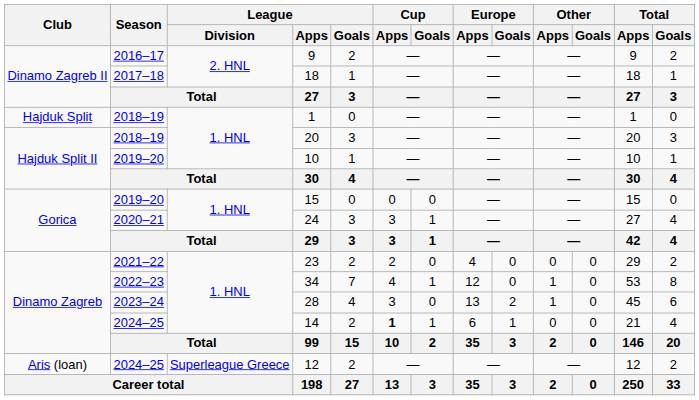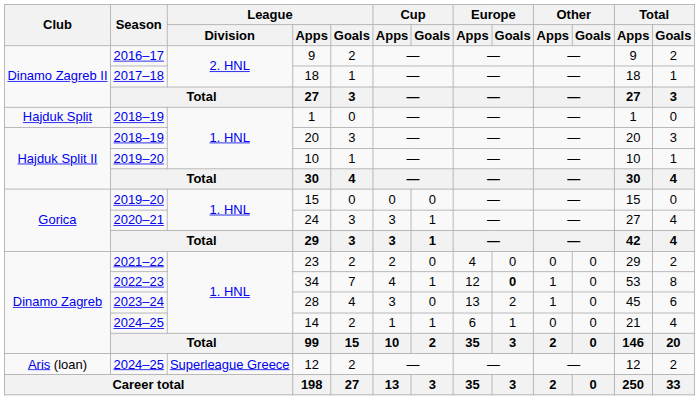 <table class="wikitable" style="text-align:center">
 <tr>
 <th rowspan="2">Club</th>
 <th rowspan="2">Season</th>
 <th colspan="3">League</th>
 <th colspan="2">Cup</th>
 <th colspan="2">Europe</th>
 <th colspan="2">Other</th>
 <th colspan="2">Total</th>
 </tr>
 <tr>
 <th>Division</th>
 <th>Apps</th>
 <th>Goals</th>
 <th>Apps</th>
 <th>Goals</th>
 <th>Apps</th>
 <th>Goals</th>
 <th>Apps</th>
 <th>Goals</th>
 <th>Apps</th>
 <th>Goals</th>
 </tr>
 <tr>
 <td rowspan="3"><a href='#'>Dinamo Zagreb II</a></td>
 <td><a href='#'>2016–17</a></td>
 <td rowspan="2"><a href='#'>2. HNL</a></td>
 <td>9</td>
 <td>2</td>
 <td colspan="2">—</td>
 <td colspan="2">—</td>
 <td colspan="2">—</td>
 <td>9</td>
 <td>2</td>
 </tr>
 <tr>
 <td><a href='#'>2017–18</a></td>
 <td>18</td>
 <td>1</td>
 <td colspan="2">—</td>
 <td colspan="2">—</td>
 <td colspan="2">—</td>
 <td>18</td>
 <td>1</td>
 </tr>
 <tr>
 <th colspan="2">Total</th>
 <th>27</th>
 <th>3</th>
 <th colspan="2">—</th>
 <th colspan="2">—</th>
 <th colspan="2">—</th>
 <th>27</th>
 <th>3</th>
 </tr>
 <tr>
 <td><a href='#'>Hajduk Split</a></td>
 <td><a href='#'>2018–19</a></td>
 <td rowspan="3"><a href='#'>1. HNL</a></td>
 <td>1</td>
 <td>0</td>
 <td colspan="2">—</td>
 <td colspan="2">—</td>
 <td colspan="2">—</td>
 <td>1</td>
 <td>0</td>
 </tr>
 <tr>
 <td rowspan="3"><a href='#'>Hajduk Split II</a></td>
 <td><a href='#'>2018–19</a></td>
 <td>20</td>
 <td>3</td>
 <td colspan="2">—</td>
 <td colspan="2">—</td>
 <td colspan="2">—</td>
 <td>20</td>
 <td>3</td>
 </tr>
 <tr>
 <td><a href='#'>2019–20</a></td>
 <td>10</td>
 <td>1</td>
 <td colspan="2">—</td>
 <td colspan="2">—</td>
 <td colspan="2">—</td>
 <td>10</td>
 <td>1</td>
 </tr>
 <tr>
 <th colspan="2">Total</th>
 <th>30</th>
 <th>4</th>
 <th colspan="2">—</th>
 <th colspan="2">—</th>
 <th colspan="2">—</th>
 <th>30</th>
 <th>4</th>
 </tr>
 <tr>
 <td rowspan="3"><a href='#'>Gorica</a></td>
 <td><a href='#'>2019–20</a></td>
 <td rowspan="2"><a href='#'>1. HNL</a></td>
 <td>15</td>
 <td>0</td>
 <td>0</td>
 <td>0</td>
 <td colspan="2">—</td>
 <td colspan="2">—</td>
 <td>15</td>
 <td>0</td>
 </tr>
 <tr>
 <td><a href='#'>2020–21</a></td>
 <td>24</td>
 <td>3</td>
 <td>3</td>
 <td>1</td>
 <td colspan="2">—</td>
 <td colspan="2">—</td>
 <td>27</td>
 <td>4</td>
 </tr>
 <tr>
 <th colspan="2">Total</th>
 <th>29</th>
 <th>3</th>
 <th>3</th>
 <th>1</th>
 <th colspan="2">—</th>
 <th colspan="2">—</th>
 <th>42</th>
 <th>4</th>
 </tr>
 <tr>
 <td rowspan="5"><a href='#'>Dinamo Zagreb</a></td>
 <td><a href='#'>2021–22</a></td>
 <td rowspan="4"><a href='#'>1. HNL</a></td>
 <td>23</td>
 <td>2</td>
 <td>2</td>
 <td>0</td>
 <td>4</td>
 <td>0</td>
 <td>0</td>
 <td>0</td>
 <td>29</td>
 <td>2</td>
 </tr>
 <tr>
 <td><a href='#'>2022–23</a></td>
 <td>34</td>
 <td>7</td>
 <td>4</td>
 <td>1</td>
 <td>12</td>
-<td>0</td>
+<td><strong>0</strong></td>
 <td>1</td>
 <td>0</td>
 <td>53</td>
 <td>8</td>
 </tr>
 <tr>
 <td><a href='#'>2023–24</a></td>
 <td>28</td>
 <td>4</td>
 <td>3</td>
 <td>0</td>
 <td>13</td>
 <td>2</td>
 <td>1</td>
 <td>0</td>
 <td>45</td>
 <td>6</td>
 </tr>
 <tr>
 <td><a href='#'>2024–25</a></td>
 <td>14</td>
 <td>2</td>
-<td><strong>1</strong></td>
+<td>1</td>
 <td>1</td>
 <td>6</td>
 <td>1</td>
 <td>0</td>
 <td>0</td>
 <td>21</td>
 <td>4</td>
 </tr>
 <tr>
 <th colspan="2">Total</th>
 <th>99</th>
 <th>15</th>
 <th>10</th>
 <th>2</th>
 <th>35</th>
 <th>3</th>
 <th>2</th>
 <th>0</th>
 <th>146</th>
 <th>20</th>
 </tr>
 <tr>
 <td><a href='#'>Aris</a> (loan)</td>
 <td><a href='#'>2024–25</a></td>
 <td><a href='#'>Superleague Greece</a></td>
 <td>12</td>
 <td>2</td>
 <td colspan="2">—</td>
 <td colspan="2">—</td>
 <td colspan="2">—</td>
 <td>12</td>
 <td>2</td>
 </tr>
 <tr>
 <th colspan="3">Career total</th>
 <th>198</th>
 <th>27</th>
 <th>13</th>
 <th>3</th>
 <th>35</th>
 <th>3</th>
 <th>2</th>
 <th>0</th>
 <th>250</th>
 <th>33</th>
 </tr>
 </table>
